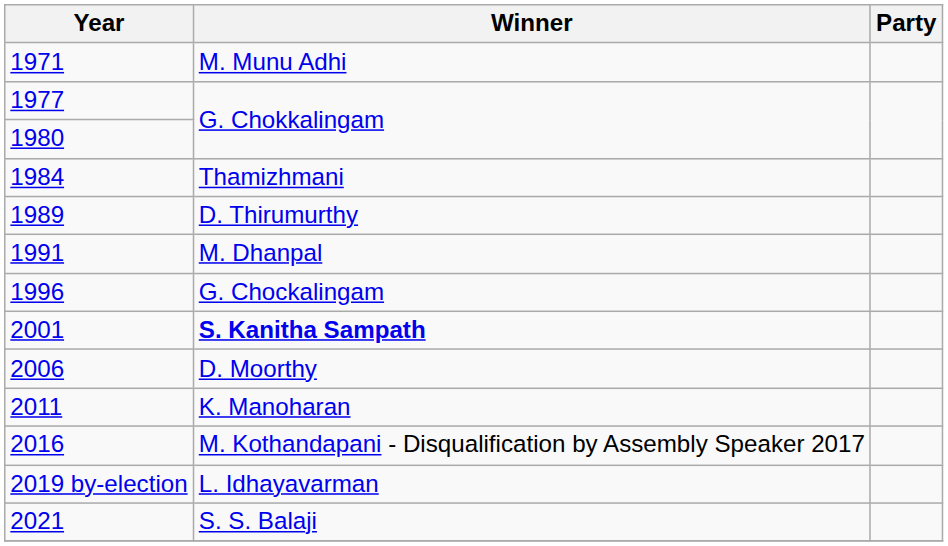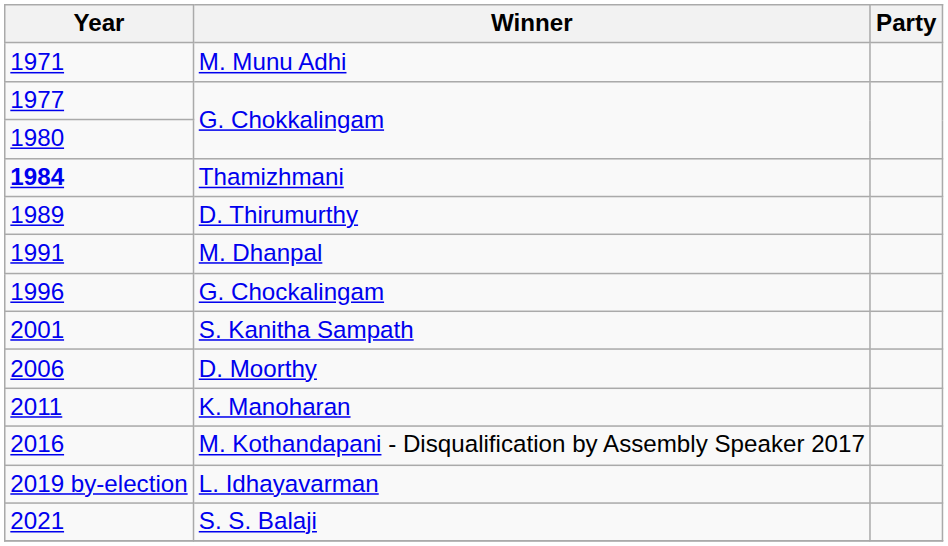 <table class="wikitable sortable">
 <tr>
 <th>Year</th>
 <th>Winner</th>
 <th colspan="2">Party</th>
 </tr>
 <tr>
 <td><a href='#'>1971</a></td>
 <td><a href='#'>M. Munu Adhi</a></td>
 <td></td>
 </tr>
 <tr>
 <td><a href='#'>1977</a></td>
 <td rowspan=2><a href='#'>G. Chokkalingam</a></td>
 </tr>
 <tr>
 <td><a href='#'>1980</a></td>
 </tr>
 <tr>
-<td><a href='#'>1984</a></td>
+<td><strong><a href='#'>1984</a></strong></td>
 <td><a href='#'>Thamizhmani</a></td>
 <td></td>
 </tr>
 <tr>
 <td><a href='#'>1989</a></td>
 <td><a href='#'>D. Thirumurthy</a></td>
 <td></td>
 </tr>
 <tr>
 <td><a href='#'>1991</a></td>
 <td><a href='#'>M. Dhanpal</a></td>
 <td></td>
 </tr>
 <tr>
 <td><a href='#'>1996</a></td>
 <td><a href='#'>G. Chockalingam</a></td>
 <td></td>
 </tr>
 <tr>
 <td><a href='#'>2001</a></td>
-<td><strong><a href='#'>S. Kanitha Sampath</a></strong></td>
+<td><a href='#'>S. Kanitha Sampath</a></td>
 <td></td>
 </tr>
 <tr>
 <td><a href='#'>2006</a></td>
 <td><a href='#'>D. Moorthy</a></td>
 <td></td>
 </tr>
 <tr>
 <td><a href='#'>2011</a></td>
 <td><a href='#'>K. Manoharan</a></td>
 <td></td>
 </tr>
 <tr>
 <td><a href='#'>2016</a></td>
 <td><a href='#'>M. Kothandapani</a> - Disqualification by Assembly Speaker 2017</td>
 </tr>
 <tr>
 <td><a href='#'>2019 by-election</a></td>
 <td><a href='#'>L. Idhayavarman</a></td>
 <td></td>
 </tr>
 <tr>
 <td><a href='#'>2021</a></td>
 <td><a href='#'>S. S. Balaji</a></td>
 <td></td>
 </tr>
 <tr>
 </tr>
 </table>
